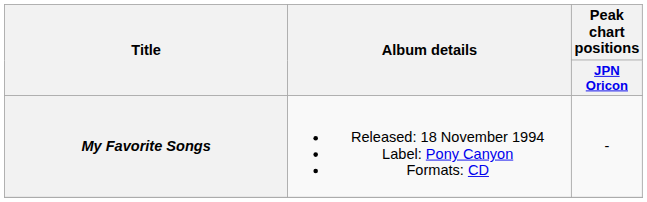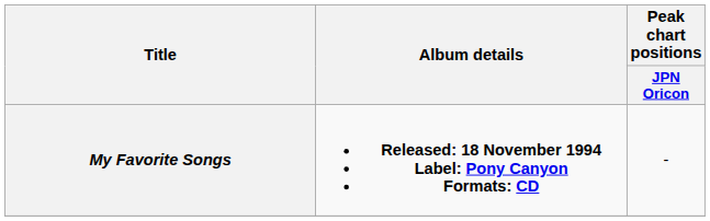 <table class="wikitable plainrowheaders" style="text-align:center;">
 <tr>
 <th scope="col" rowspan="2" style="width:19em;">Title</th>
 <th scope="col" rowspan="2" style="width:19em;">Album details</th>
 <th scope="col">Peak chart positions</th>
 </tr>
 <tr>
 <th scope="col" style="width:2.9em;font-size:90%;"><a href='#'>JPN<br>Oricon</a><br></th>
 </tr>
 <tr>
 <th scope="row"><em>My Favorite Songs</em></th>
-<td><br><ul><li>Released: 18 November 1994</li><li>Label: <a href='#'>Pony Canyon</a></li><li>Formats: <a href='#'>CD</a></li></ul></td>
+<td><strong><br><ul><li>Released: 18 November 1994</li><li>Label: <a href='#'>Pony Canyon</a></li><li>Formats: <a href='#'>CD</a></li></ul></strong></td>
 <td>-</td>
 </tr>
 <tr>
 </tr>
 </table>
